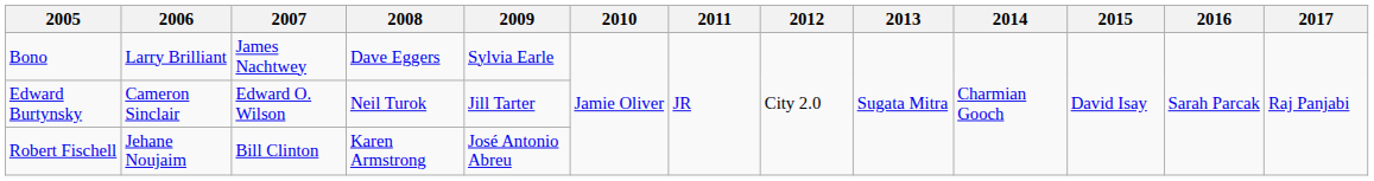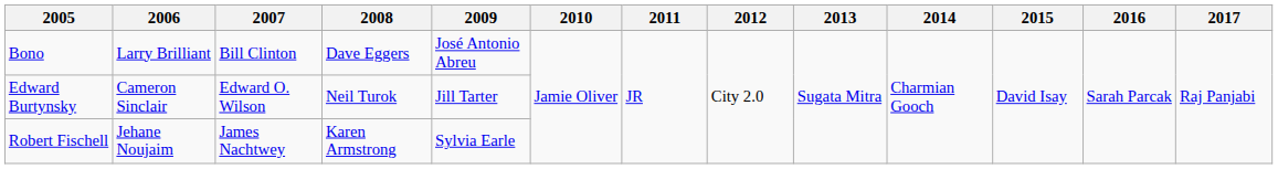 <table class="wikitable">
 <tr>
 <th style="width:150px;">2005</th>
 <th style="width:150px;">2006</th>
 <th style="width:150px;">2007</th>
 <th style="width:150px;">2008</th>
 <th style="width:150px;">2009</th>
 <th style="width:150px;">2010</th>
 <th style="width:150px;">2011</th>
 <th style="width:150px;">2012</th>
 <th style="width:150px;">2013</th>
 <th style="width:150px;">2014</th>
 <th style="width:150px;">2015</th>
 <th style="width:150px;">2016</th>
 <th style="width:150px;">2017</th>
 </tr>
 <tr>
 <td><a href='#'>Bono</a></td>
 <td><a href='#'>Larry Brilliant</a></td>
-<td><a href='#'>James Nachtwey</a></td>
+<td><a href='#'>Bill Clinton</a></td>
 <td><a href='#'>Dave Eggers</a></td>
-<td><a href='#'>Sylvia Earle</a></td>
+<td><a href='#'>José Antonio Abreu</a></td>
 <td rowspan="3"><a href='#'>Jamie Oliver</a></td>
 <td rowspan="3"><a href='#'>JR</a></td>
 <td rowspan="3">City 2.0</td>
 <td rowspan="3"><a href='#'>Sugata Mitra</a></td>
 <td rowspan="3"><a href='#'>Charmian Gooch</a></td>
 <td rowspan="3"><a href='#'>David Isay</a></td>
 <td rowspan="3"><a href='#'>Sarah Parcak</a></td>
 <td rowspan="3"><a href='#'>Raj Panjabi</a></td>
 </tr>
 <tr>
 <td><a href='#'>Edward Burtynsky</a></td>
 <td><a href='#'>Cameron Sinclair</a></td>
 <td><a href='#'>Edward O. Wilson</a></td>
 <td><a href='#'>Neil Turok</a></td>
 <td><a href='#'>Jill Tarter</a></td>
 </tr>
 <tr>
 <td><a href='#'>Robert Fischell</a></td>
 <td><a href='#'>Jehane Noujaim</a></td>
-<td><a href='#'>Bill Clinton</a></td>
+<td><a href='#'>James Nachtwey</a></td>
 <td><a href='#'>Karen Armstrong</a></td>
-<td><a href='#'>José Antonio Abreu</a></td>
+<td><a href='#'>Sylvia Earle</a></td>
 </tr>
 </table>
